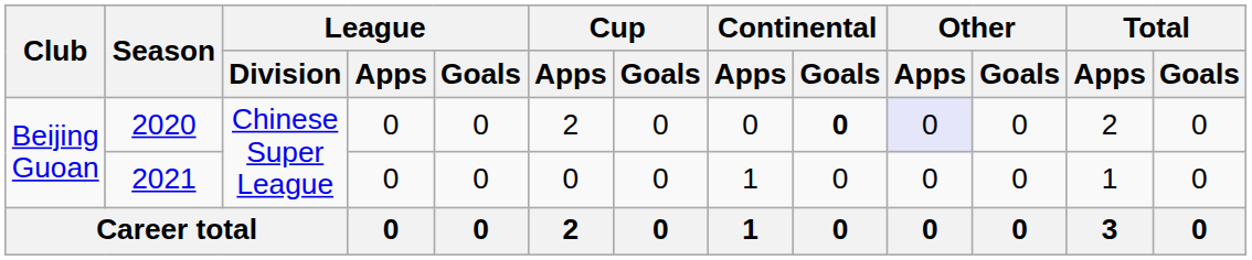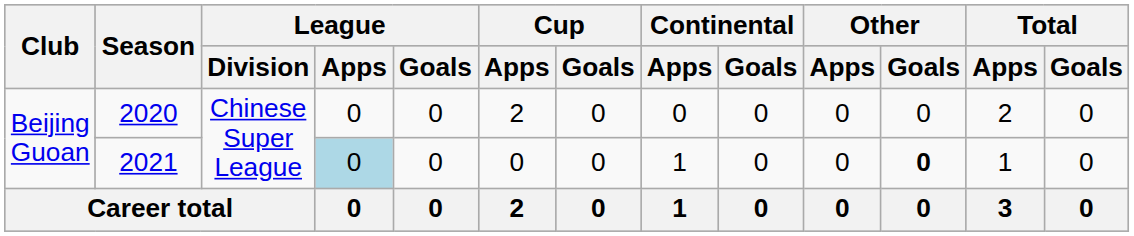 <table class="wikitable" style="text-align: center">
 <tr>
 <th rowspan="2">Club</th>
 <th rowspan="2">Season</th>
 <th colspan="3">League</th>
 <th colspan="2">Cup</th>
 <th colspan="2">Continental</th>
 <th colspan="2">Other</th>
 <th colspan="2">Total</th>
 </tr>
 <tr>
 <th>Division</th>
 <th>Apps</th>
 <th>Goals</th>
 <th>Apps</th>
 <th>Goals</th>
 <th>Apps</th>
 <th>Goals</th>
 <th>Apps</th>
 <th>Goals</th>
 <th>Apps</th>
 <th>Goals</th>
 </tr>
 <tr>
 <td rowspan="2"><a href='#'>Beijing Guoan</a></td>
 <td><a href='#'>2020</a></td>
 <td rowspan="2"><a href='#'>Chinese Super League</a></td>
 <td>0</td>
 <td>0</td>
 <td>2</td>
 <td>0</td>
 <td>0</td>
-<td><strong>0</strong></td>
-<td style="background: lavender;">0</td>
+<td>0</td>
+<td>0</td>
 <td>0</td>
 <td>2</td>
 <td>0</td>
 </tr>
 <tr>
 <td><a href='#'>2021</a></td>
-<td>0</td>
+<td style="background: lightblue;">0</td>
 <td>0</td>
 <td>0</td>
 <td>0</td>
 <td>1</td>
 <td>0</td>
 <td>0</td>
-<td>0</td>
+<td><strong>0</strong></td>
 <td>1</td>
 <td>0</td>
 </tr>
 <tr>
 <th colspan=3>Career total</th>
 <th>0</th>
 <th>0</th>
 <th>2</th>
 <th>0</th>
 <th>1</th>
 <th>0</th>
 <th>0</th>
 <th>0</th>
 <th>3</th>
 <th>0</th>
 </tr>
 </table>
